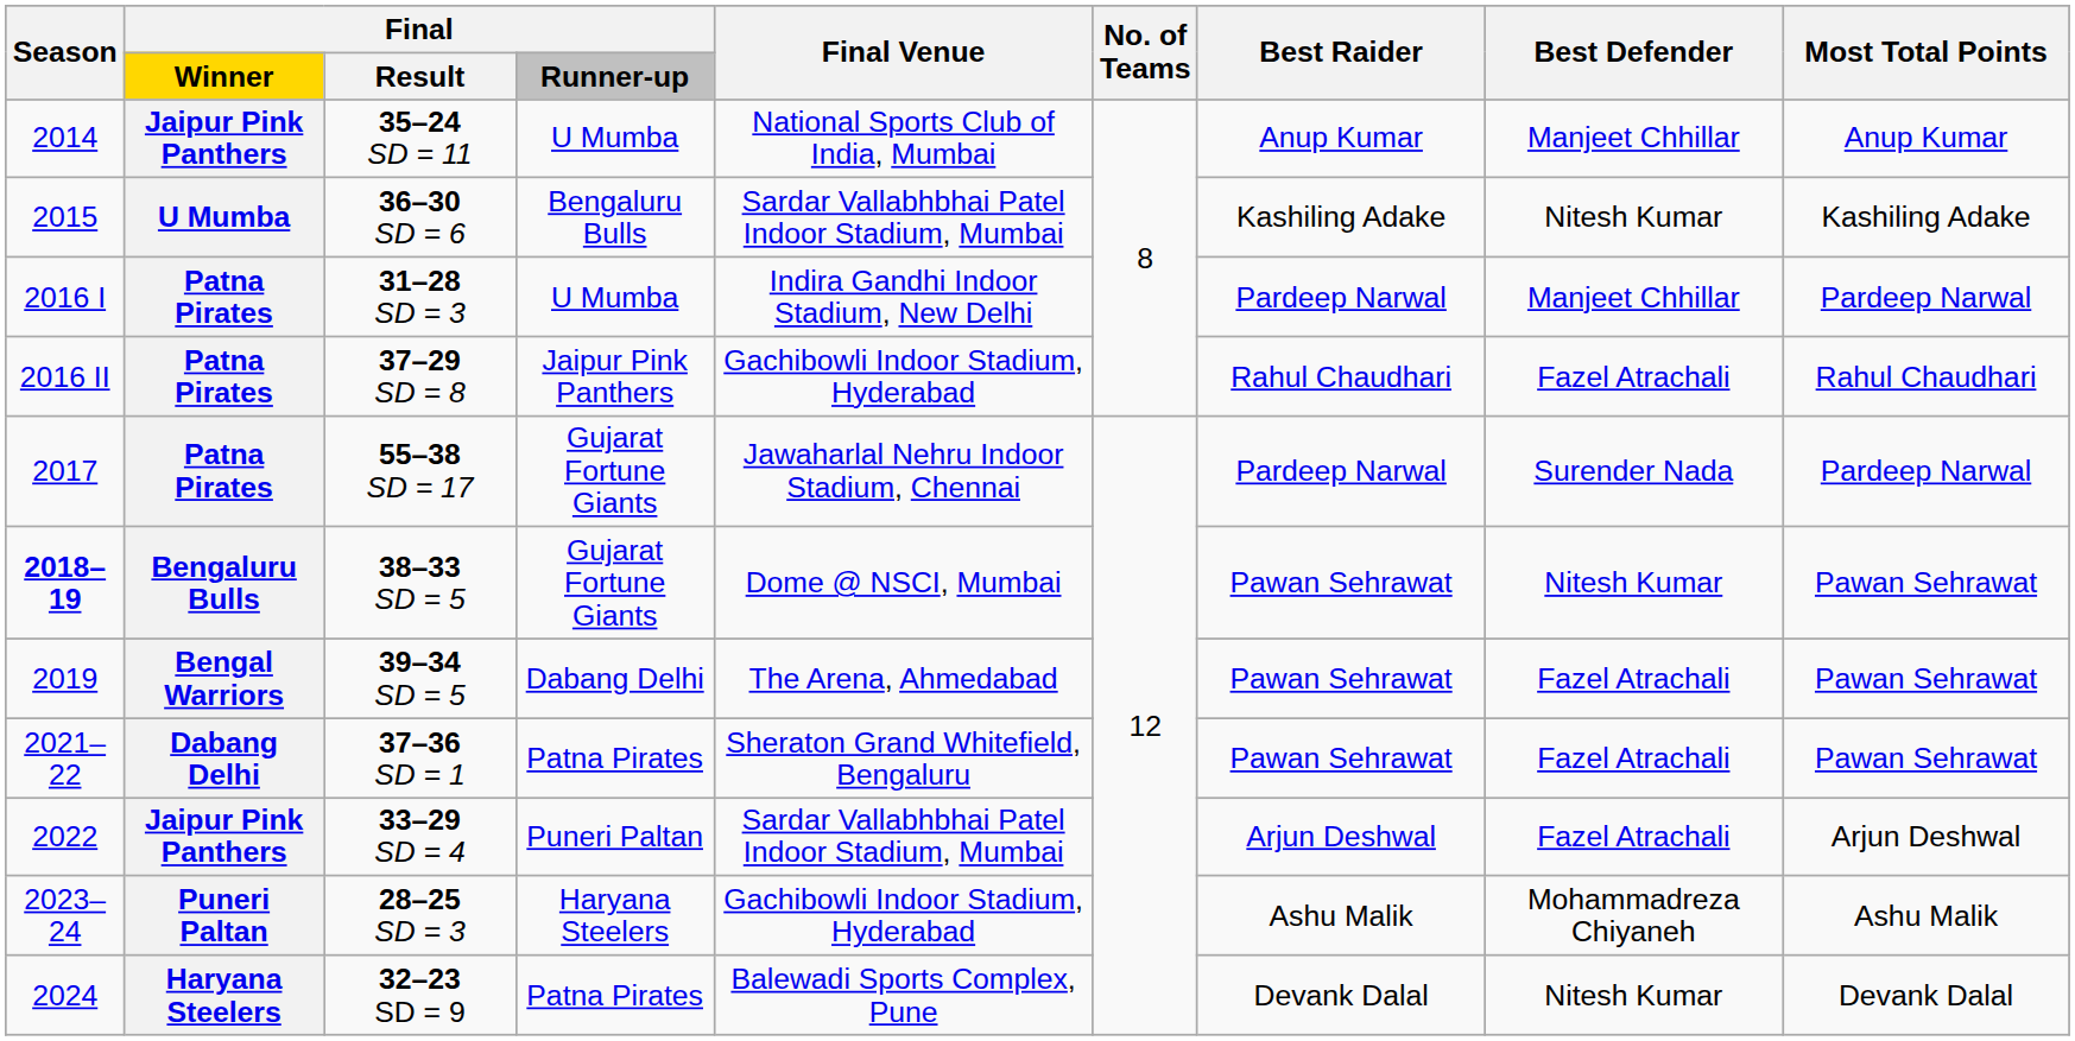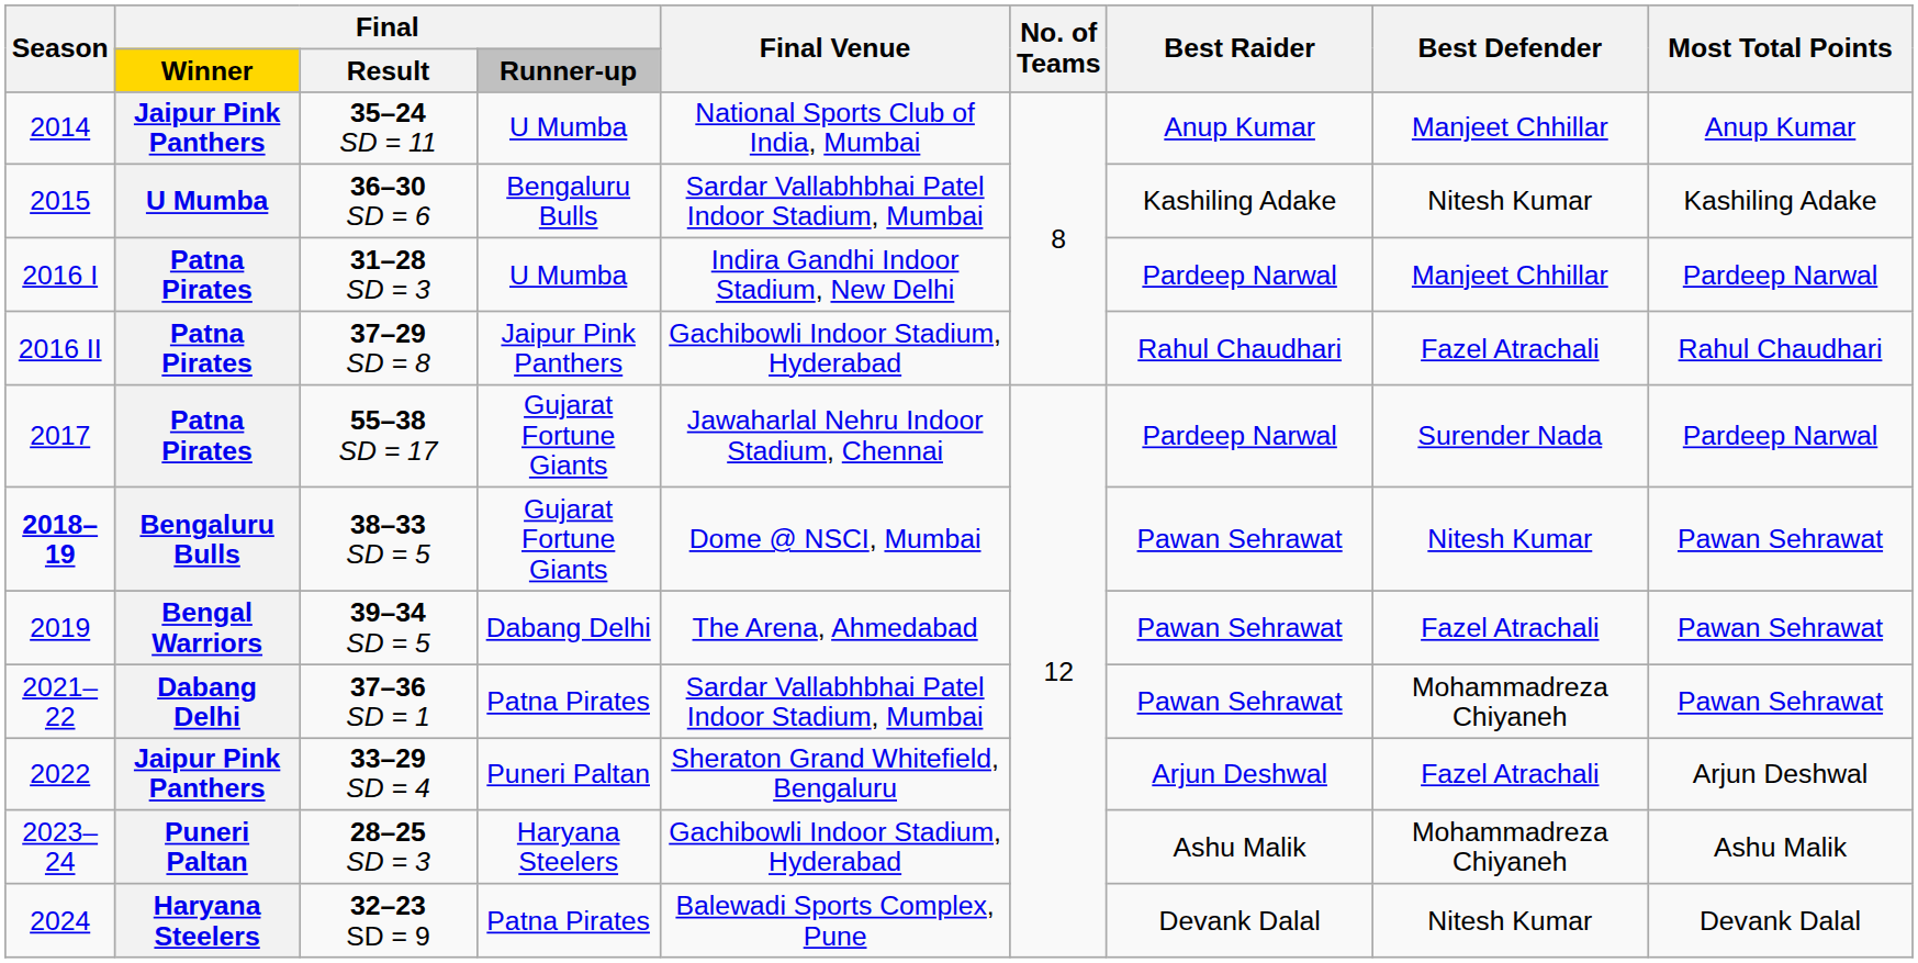 <table class="wikitable" style="font-size:90%; width: 80%; text-align: center">
 <tr>
 <th rowspan="2" style="width:3%;">Season</th>
 <th colspan="3" style="width:30%;">Final</th>
 <th rowspan="2" style="width:20%;">Final Venue</th>
 <th rowspan="2" style="width:2%;">No. of Teams</th>
 <th rowspan="2" style="width:15%;">Best Raider</th>
 <th rowspan="2" style="width:15%;">Best Defender</th>
 <th rowspan="2" style="width:15%;">Most Total Points</th>
 </tr>
 <tr>
 <th style="background:gold; width:10%;">Winner</th>
 <th style="width:10%; ">Result</th>
 <th style="background:silver; width:10%;">Runner-up</th>
 </tr>
 <tr>
 <td><a href='#'>2014</a></td>
 <th><a href='#'>Jaipur Pink Panthers</a></th>
 <td><strong>35–24</strong><br><em>SD = 11</em><br> </td>
 <td><a href='#'>U Mumba</a></td>
 <td><a href='#'>National Sports Club of India</a>, <a href='#'>Mumbai</a></td>
 <td rowspan="4">8</td>
 <td><a href='#'>Anup Kumar</a></td>
 <td><a href='#'>Manjeet Chhillar</a></td>
 <td><a href='#'>Anup Kumar</a></td>
 </tr>
 <tr>
 <td><a href='#'>2015</a></td>
 <th><a href='#'>U Mumba</a></th>
 <td><strong>36–30</strong><br><em>SD = 6</em><br> </td>
 <td><a href='#'>Bengaluru Bulls</a></td>
 <td><a href='#'>Sardar Vallabhbhai Patel Indoor Stadium</a>, <a href='#'>Mumbai</a></td>
 <td>Kashiling Adake</td>
 <td>Nitesh Kumar</td>
 <td>Kashiling Adake</td>
 </tr>
 <tr>
 <td><a href='#'>2016 I</a></td>
 <th><a href='#'>Patna Pirates</a></th>
 <td><strong>31–28</strong><br><em>SD = 3</em><br></td>
 <td><a href='#'>U Mumba</a></td>
 <td><a href='#'>Indira Gandhi Indoor Stadium</a>, <a href='#'>New Delhi</a></td>
 <td><a href='#'>Pardeep Narwal</a></td>
 <td><a href='#'>Manjeet Chhillar</a></td>
 <td><a href='#'>Pardeep Narwal</a></td>
 </tr>
 <tr>
 <td><a href='#'>2016 II</a></td>
 <th><a href='#'>Patna Pirates</a></th>
 <td><strong>37–29</strong><br><em>SD = 8</em><br> </td>
 <td><a href='#'>Jaipur Pink Panthers</a></td>
 <td><a href='#'>Gachibowli Indoor Stadium</a>, <a href='#'>Hyderabad</a></td>
 <td><a href='#'>Rahul Chaudhari</a></td>
 <td><a href='#'>Fazel Atrachali</a></td>
 <td><a href='#'>Rahul Chaudhari</a></td>
 </tr>
 <tr>
 <td><a href='#'>2017</a></td>
 <th><a href='#'>Patna Pirates</a></th>
 <td><strong>55–38</strong><br><em>SD = 17</em><br> </td>
 <td><a href='#'>Gujarat Fortune Giants</a></td>
 <td><a href='#'>Jawaharlal Nehru Indoor Stadium</a>, <a href='#'>Chennai</a></td>
 <td rowspan=7>12</td>
 <td><a href='#'>Pardeep Narwal</a></td>
 <td><a href='#'>Surender Nada</a></td>
 <td><a href='#'>Pardeep Narwal</a></td>
 </tr>
 <tr>
 <td><strong><a href='#'>2018–19</a></strong></td>
 <th><a href='#'>Bengaluru Bulls</a></th>
 <td><strong>38–33</strong><br><em>SD = 5</em><br> </td>
 <td><a href='#'>Gujarat Fortune Giants</a></td>
 <td><a href='#'>Dome @ NSCI</a>, <a href='#'>Mumbai</a></td>
 <td><a href='#'>Pawan Sehrawat</a></td>
 <td><a href='#'>Nitesh Kumar</a></td>
 <td><a href='#'>Pawan Sehrawat</a></td>
 </tr>
 <tr>
 <td><a href='#'>2019</a></td>
 <th><a href='#'>Bengal Warriors</a></th>
 <td><strong>39–34</strong><br><em>SD = 5</em><br> </td>
 <td><a href='#'>Dabang Delhi</a></td>
 <td><a href='#'>The Arena</a>, <a href='#'>Ahmedabad</a></td>
 <td><a href='#'>Pawan Sehrawat</a></td>
 <td><a href='#'>Fazel Atrachali</a></td>
 <td><a href='#'>Pawan Sehrawat</a></td>
 </tr>
 <tr>
 <td><a href='#'>2021–22</a></td>
 <th><a href='#'>Dabang Delhi</a></th>
 <td><strong>37–36</strong><br><em>SD = 1 </em><br> </td>
 <td><a href='#'>Patna Pirates</a></td>
-<td><a href='#'>Sheraton Grand Whitefield</a>, <a href='#'>Bengaluru</a></td>
+<td><a href='#'>Sardar Vallabhbhai Patel Indoor Stadium</a>, <a href='#'>Mumbai</a></td>
 <td><a href='#'>Pawan Sehrawat</a></td>
-<td><a href='#'>Fazel Atrachali</a></td>
+<td>Mohammadreza Chiyaneh</td>
 <td><a href='#'>Pawan Sehrawat</a></td>
 </tr>
 <tr>
 <td><a href='#'>2022</a></td>
 <th><a href='#'>Jaipur Pink Panthers</a></th>
 <td><strong>33–29</strong><br><em>SD = 4</em><br> </td>
 <td><a href='#'>Puneri Paltan</a></td>
-<td><a href='#'>Sardar Vallabhbhai Patel Indoor Stadium</a>, <a href='#'>Mumbai</a></td>
+<td><a href='#'>Sheraton Grand Whitefield</a>, <a href='#'>Bengaluru</a></td>
 <td><a href='#'>Arjun Deshwal</a></td>
 <td><a href='#'>Fazel Atrachali</a></td>
 <td>Arjun Deshwal</td>
 </tr>
 <tr>
 <td><a href='#'>2023–24</a></td>
 <th><a href='#'>Puneri Paltan</a></th>
 <td><strong>28–25</strong><br><em>SD = 3</em><br> </td>
 <td><a href='#'>Haryana Steelers</a></td>
 <td><a href='#'>Gachibowli Indoor Stadium</a>, <a href='#'>Hyderabad</a></td>
 <td>Ashu Malik</td>
 <td>Mohammadreza Chiyaneh</td>
 <td>Ashu Malik</td>
 </tr>
 <tr>
 <td><a href='#'>2024</a></td>
 <th><a href='#'>Haryana Steelers</a></th>
 <td><strong>32–23</strong><br>SD = 9 </td>
 <td><a href='#'>Patna Pirates</a></td>
 <td><a href='#'>Balewadi Sports Complex</a>, <a href='#'>Pune</a></td>
 <td>Devank Dalal</td>
 <td>Nitesh Kumar</td>
 <td>Devank Dalal</td>
 </tr>
 </table>
